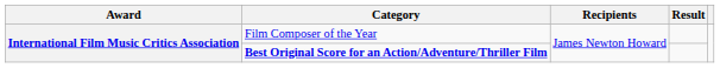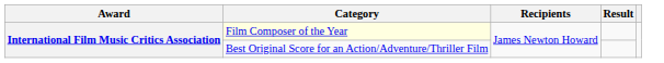 <table class="wikitable plainrowheaders sortable">
 <tr>
 <th scope="col">Award</th>
 <th scope="col">Category</th>
 <th scope="col">Recipients</th>
 <th scope="col">Result</th>
 <th scope="col" class="unsortable"></th>
 </tr>
 <tr>
 <th rowspan="2" scope="row"><a href='#'>International Film Music Critics Association</a></th>
-<td><a href='#'>Film Composer of the Year</a></td>
+<td style="background: lightyellow;"><a href='#'>Film Composer of the Year</a></td>
 <td rowspan="2"><a href='#'>James Newton Howard</a></td>
 <td></td>
 <td rowspan="2" style="text-align:center;"></td>
 </tr>
 <tr>
-<td><strong><a href='#'>Best Original Score for an Action/Adventure/Thriller Film</a></strong></td>
+<td><a href='#'>Best Original Score for an Action/Adventure/Thriller Film</a></td>
 <td></td>
 </tr>
 </table>
